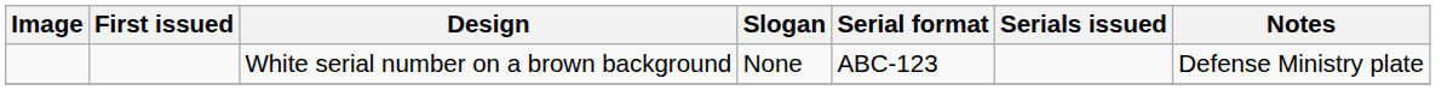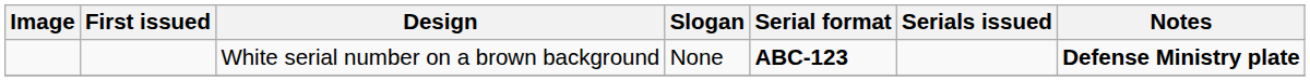 <table class="wikitable">
 <tr>
 <th>Image</th>
 <th>First issued</th>
 <th>Design</th>
 <th>Slogan</th>
 <th>Serial format</th>
 <th>Serials issued</th>
 <th>Notes</th>
 </tr>
 <tr>
 <td></td>
 <td></td>
 <td>White serial number on a brown background</td>
 <td>None</td>
-<td>ABC-123</td>
+<td><strong>ABC-123</strong></td>
 <td></td>
-<td>Defense Ministry plate</td>
+<td><strong>Defense Ministry plate</strong></td>
 </tr>
 <tr>
 </tr>
 </table>
